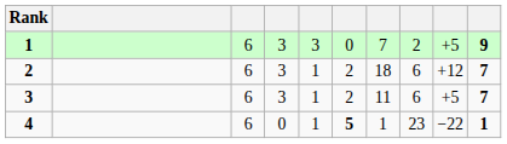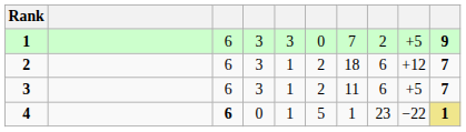 <table class="wikitable" style="text-align: center;">
 <tr>
 <th width=30>Rank</th>
 <th width=165></th>
 <th width=25></th>
 <th width=25></th>
 <th width=25></th>
 <th width=25></th>
 <th width=25></th>
 <th width=25></th>
 <th width=25></th>
 <th width=25></th>
 </tr>
 <tr style="background:#ccffcc;">
 <td><strong>1</strong></td>
 <td style="text-align:left;"></td>
 <td>6</td>
 <td>3</td>
 <td>3</td>
 <td>0</td>
 <td>7</td>
 <td>2</td>
 <td>+5</td>
 <td><strong>9</strong></td>
 </tr>
 <tr>
 <td><strong>2</strong></td>
 <td style="text-align:left;"></td>
 <td>6</td>
 <td>3</td>
 <td>1</td>
 <td>2</td>
 <td>18</td>
 <td>6</td>
 <td>+12</td>
 <td><strong>7</strong></td>
 </tr>
 <tr>
 <td><strong>3</strong></td>
 <td style="text-align:left;"></td>
 <td>6</td>
 <td>3</td>
 <td>1</td>
 <td>2</td>
 <td>11</td>
 <td>6</td>
 <td>+5</td>
 <td><strong>7</strong></td>
 </tr>
 <tr>
 <td><strong>4</strong></td>
 <td style="text-align:left;"></td>
-<td>6</td>
+<td><strong>6</strong></td>
 <td>0</td>
 <td>1</td>
-<td><strong>5</strong></td>
+<td>5</td>
 <td>1</td>
 <td>23</td>
 <td>−22</td>
-<td><strong>1</strong></td>
+<td style="background: khaki;"><strong>1</strong></td>
 </tr>
 </table>
